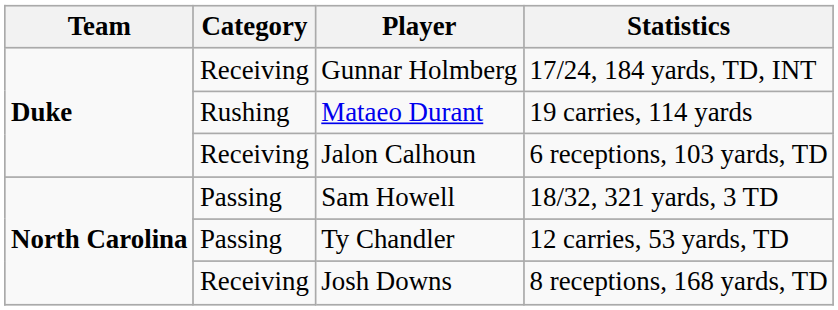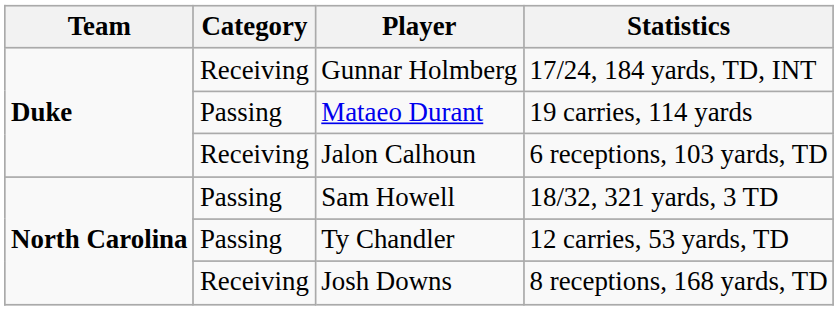 <table class="wikitable" style="float: left;">
 <tr>
 <th>Team</th>
 <th>Category</th>
 <th>Player</th>
 <th>Statistics</th>
 </tr>
 <tr>
 <td rowspan=3><strong>Duke</strong></td>
 <td>Receiving</td>
 <td>Gunnar Holmberg</td>
 <td>17/24, 184 yards, TD, INT</td>
 </tr>
 <tr>
-<td>Rushing</td>
+<td>Passing</td>
 <td><a href='#'>Mataeo Durant</a></td>
 <td>19 carries, 114 yards</td>
 </tr>
 <tr>
 <td>Receiving</td>
 <td>Jalon Calhoun</td>
 <td>6 receptions, 103 yards, TD</td>
 </tr>
 <tr>
 <td rowspan=3><strong>North Carolina</strong></td>
 <td>Passing</td>
 <td>Sam Howell</td>
 <td>18/32, 321 yards, 3 TD</td>
 </tr>
 <tr>
 <td>Passing</td>
 <td>Ty Chandler</td>
 <td>12 carries, 53 yards, TD</td>
 </tr>
 <tr>
 <td>Receiving</td>
 <td>Josh Downs</td>
 <td>8 receptions, 168 yards, TD</td>
 </tr>
 </table>
